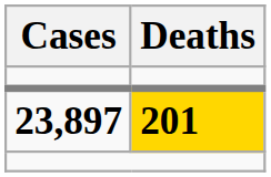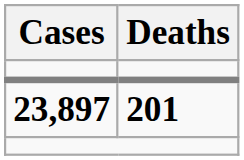 <table class="wikitable">
 <tr>
 <th>Cases</th>
 <th>Deaths</th>
 </tr>
 <tr>
 <td></td>
 <td></td>
 </tr>
 <tr>
 <td style="border-top:3px solid gray;"><strong>23,897</strong></td>
-<td style="background: gold; border-top:3px solid gray;"><strong>201</strong></td>
+<td style="border-top:3px solid gray;"><strong>201</strong></td>
 </tr>
 <tr>
 <td colspan="3"></td>
 </tr>
 </table>
